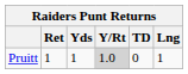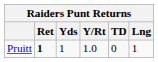 <table class="wikitable">
 <tr>
 <th colspan="6">Raiders Punt Returns</th>
 </tr>
 <tr>
 <th></th>
 <th>Ret</th>
 <th>Yds</th>
 <th>Y/Rt</th>
 <th>TD</th>
 <th>Lng</th>
 </tr>
 <tr>
 <td><a href='#'>Pruitt</a></td>
+<td><strong>1</strong></td>
 <td>1</td>
-<td>1</td>
-<td style="background: lightgrey;">1.0</td>
+<td>1.0</td>
 <td>0</td>
 <td>1</td>
 </tr>
 </table>
